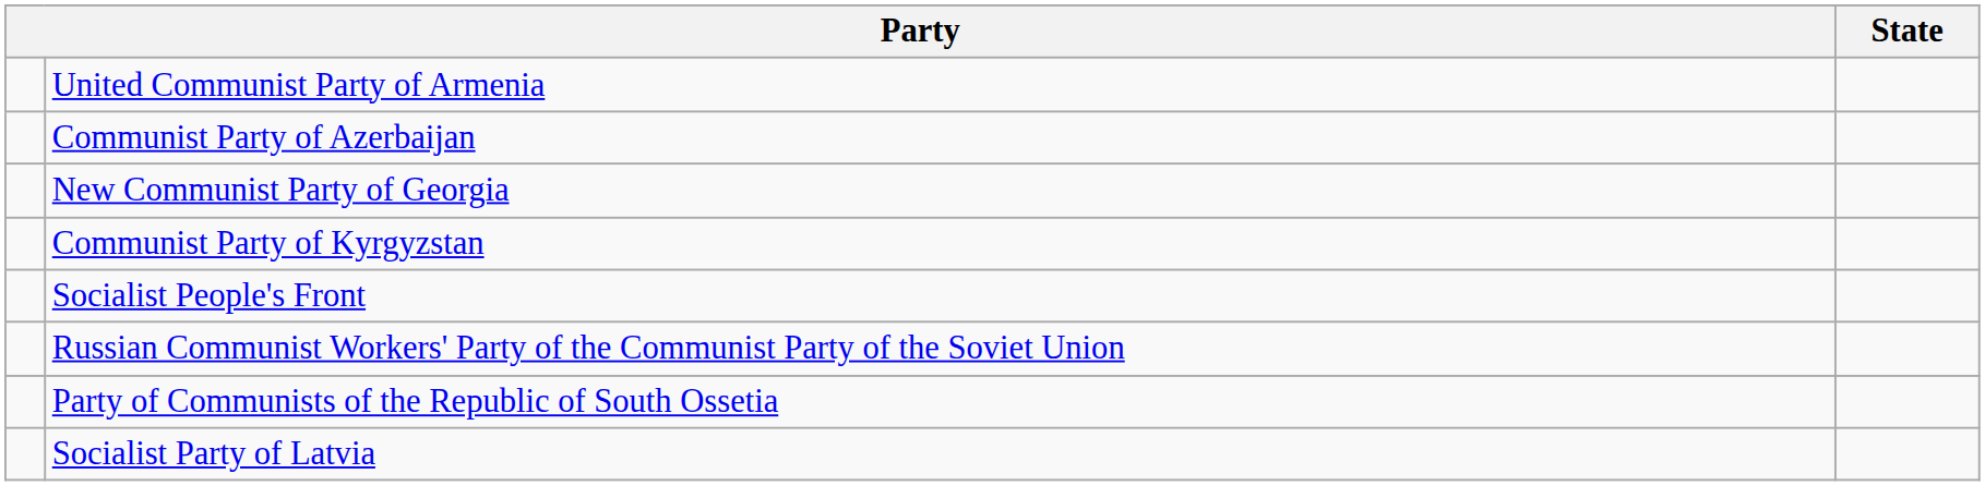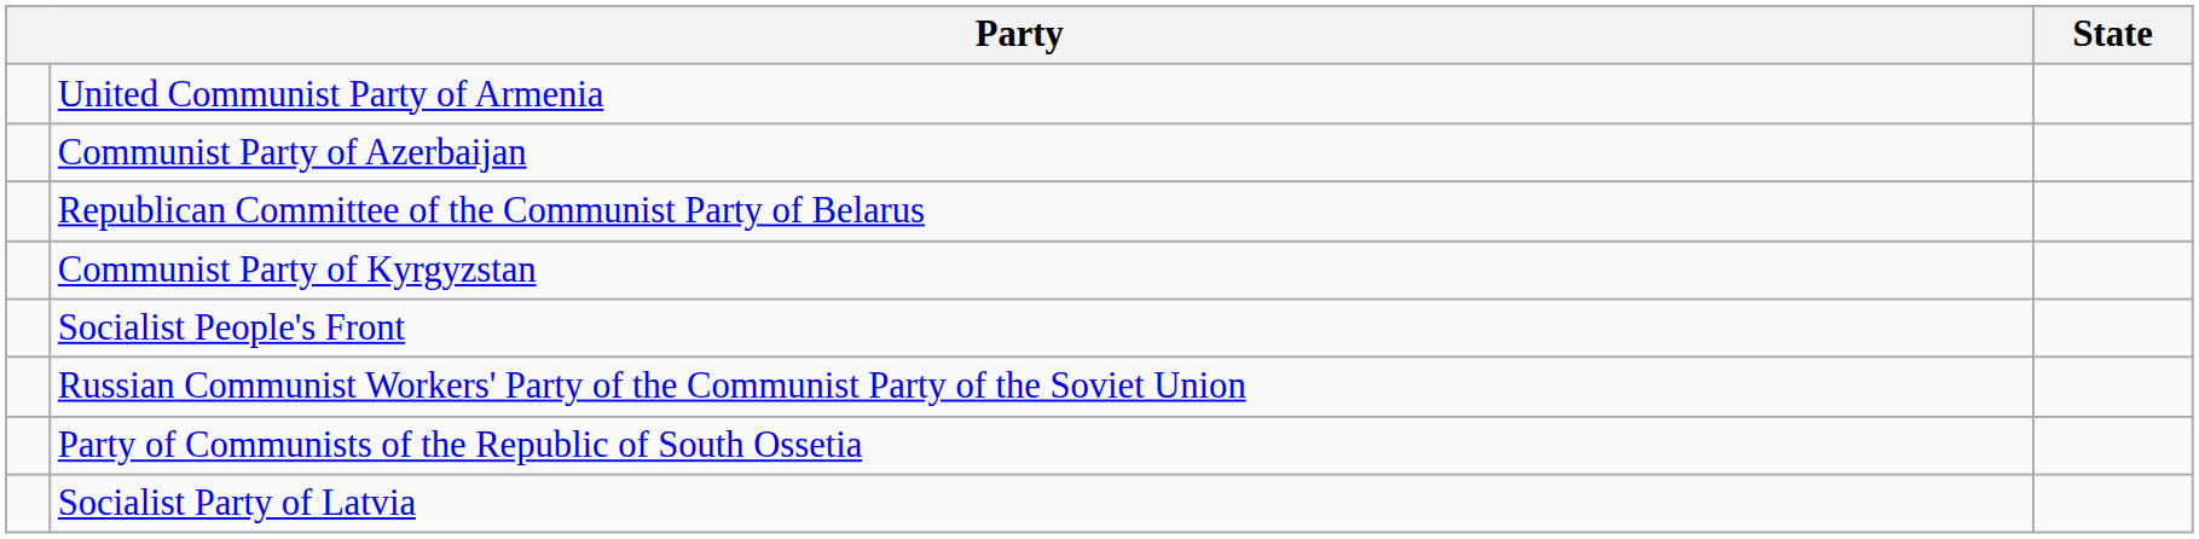 <table class="wikitable sortable" width=75%>
 <tr>
 <th colspan=2>Party</th>
 <th>State</th>
 </tr>
 <tr>
 <td style="background:"> </td>
 <td><a href='#'>United Communist Party of Armenia</a></td>
 <td></td>
 </tr>
 <tr>
 <td style="background:"> </td>
 <td><a href='#'>Communist Party of Azerbaijan</a></td>
 <td></td>
 </tr>
 <tr>
 <td style="background:"> </td>
-<td><a href='#'>New Communist Party of Georgia</a></td>
+<td><a href='#'>Republican Committee of the Communist Party of Belarus</a></td>
 <td></td>
 </tr>
 <tr>
 <td style="background:"> </td>
 <td><a href='#'>Communist Party of Kyrgyzstan</a></td>
 <td></td>
 </tr>
 <tr>
 <td style="background:"> </td>
 <td><a href='#'>Socialist People's Front</a></td>
 <td></td>
 </tr>
 <tr>
 <td style="background:"> </td>
 <td><a href='#'>Russian Communist Workers' Party of the Communist Party of the Soviet Union</a></td>
 <td></td>
 </tr>
 <tr>
 <td style="background:"> </td>
 <td><a href='#'>Party of Communists of the Republic of South Ossetia</a></td>
 <td><em></em></td>
 </tr>
 <tr>
 <td style="background:"> </td>
 <td><a href='#'>Socialist Party of Latvia</a></td>
 <td></td>
 </tr>
 </table>
